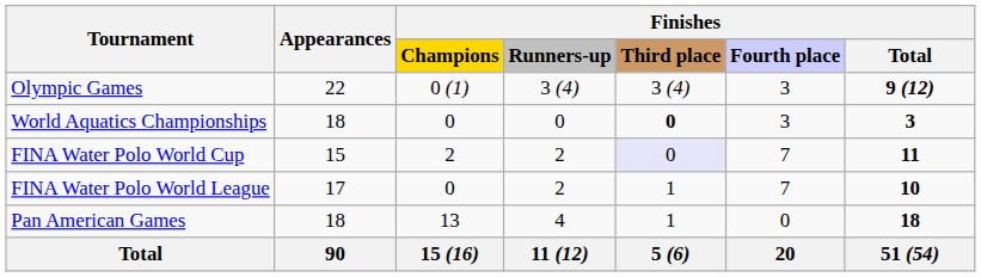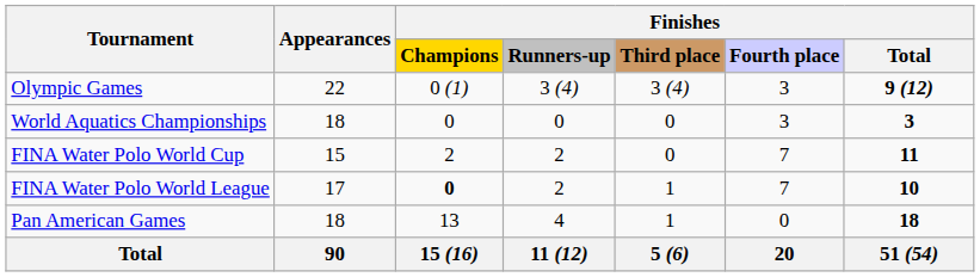 <table class="wikitable" style="text-align: center; font-size: 90%; margin-left: 1em;">
 <tr>
 <th rowspan="2">Tournament</th>
 <th rowspan="2">Appearances</th>
 <th colspan="5">Finishes</th>
 </tr>
 <tr>
 <th style="background-color: gold;">Champions</th>
 <th style="background-color: silver;">Runners-up</th>
 <th style="background-color: #cc9966;">Third place</th>
 <th style="background-color: #ccccff;">Fourth place</th>
 <th style="width: 6em;">Total</th>
 </tr>
 <tr>
 <td style="text-align: left;"><a href='#'>Olympic Games</a></td>
 <td>22</td>
 <td>0 <em>(1)</em></td>
 <td>3 <em>(4)</em></td>
 <td>3 <em>(4)</em></td>
 <td>3</td>
 <td><strong>9</strong> <strong><em>(12)</em></strong></td>
 </tr>
 <tr>
 <td style="text-align: left;"><a href='#'>World Aquatics Championships</a></td>
 <td>18</td>
 <td>0</td>
 <td>0</td>
-<td><strong>0</strong></td>
+<td>0</td>
 <td>3</td>
 <td><strong>3</strong></td>
 </tr>
 <tr>
 <td style="text-align: left;"><a href='#'>FINA Water Polo World Cup</a></td>
 <td>15</td>
 <td>2</td>
 <td>2</td>
-<td style="background: lavender;">0</td>
+<td>0</td>
 <td>7</td>
 <td><strong>11</strong></td>
 </tr>
 <tr>
 <td style="text-align: left;"><a href='#'>FINA Water Polo World League</a></td>
 <td>17</td>
-<td>0</td>
+<td><strong>0</strong></td>
 <td>2</td>
 <td>1</td>
 <td>7</td>
 <td><strong>10</strong></td>
 </tr>
 <tr>
 <td style="text-align: left;"><a href='#'>Pan American Games</a></td>
 <td>18</td>
 <td>13</td>
 <td>4</td>
 <td>1</td>
 <td>0</td>
 <td><strong>18</strong></td>
 </tr>
 <tr>
 <th>Total</th>
 <th>90</th>
 <th>15 <em>(16)</em></th>
 <th>11 <em>(12)</em></th>
 <th>5 <em>(6)</em></th>
 <th>20</th>
 <th>51 <em>(54)</em></th>
 </tr>
 </table>
